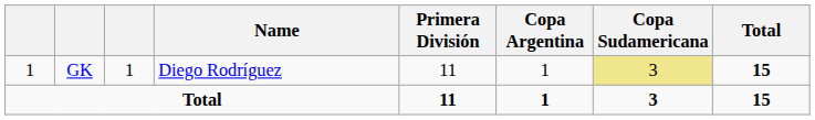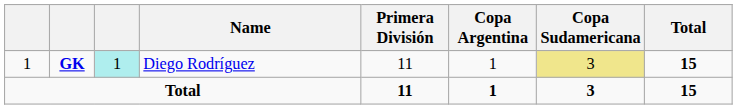 <table class="wikitable sortable" style="font-size: 95%; text-align: center;">
 <tr>
 <th width=35></th>
 <th width=35></th>
 <th width=35></th>
 <th width=200>Name</th>
 <th width=75>Primera División</th>
 <th width= 75>Copa Argentina</th>
 <th width= 75>Copa Sudamericana</th>
 <th width= 75>Total</th>
 </tr>
 <tr>
 <td>1</td>
-<td><a href='#'>GK</a></td>
-<td>1</td>
+<td><strong><a href='#'>GK</a></strong></td>
+<td style="background: paleturquoise;">1</td>
 <td align=left> <a href='#'>Diego Rodríguez</a></td>
 <td>11</td>
 <td>1</td>
 <td style="background: khaki;">3</td>
 <td><strong>15</strong></td>
 </tr>
 <tr>
 <td colspan=4><strong>Total</strong></td>
 <td><strong>11</strong></td>
 <td><strong>1</strong></td>
 <td><strong>3</strong></td>
 <td><strong>15</strong></td>
 </tr>
 </table>
